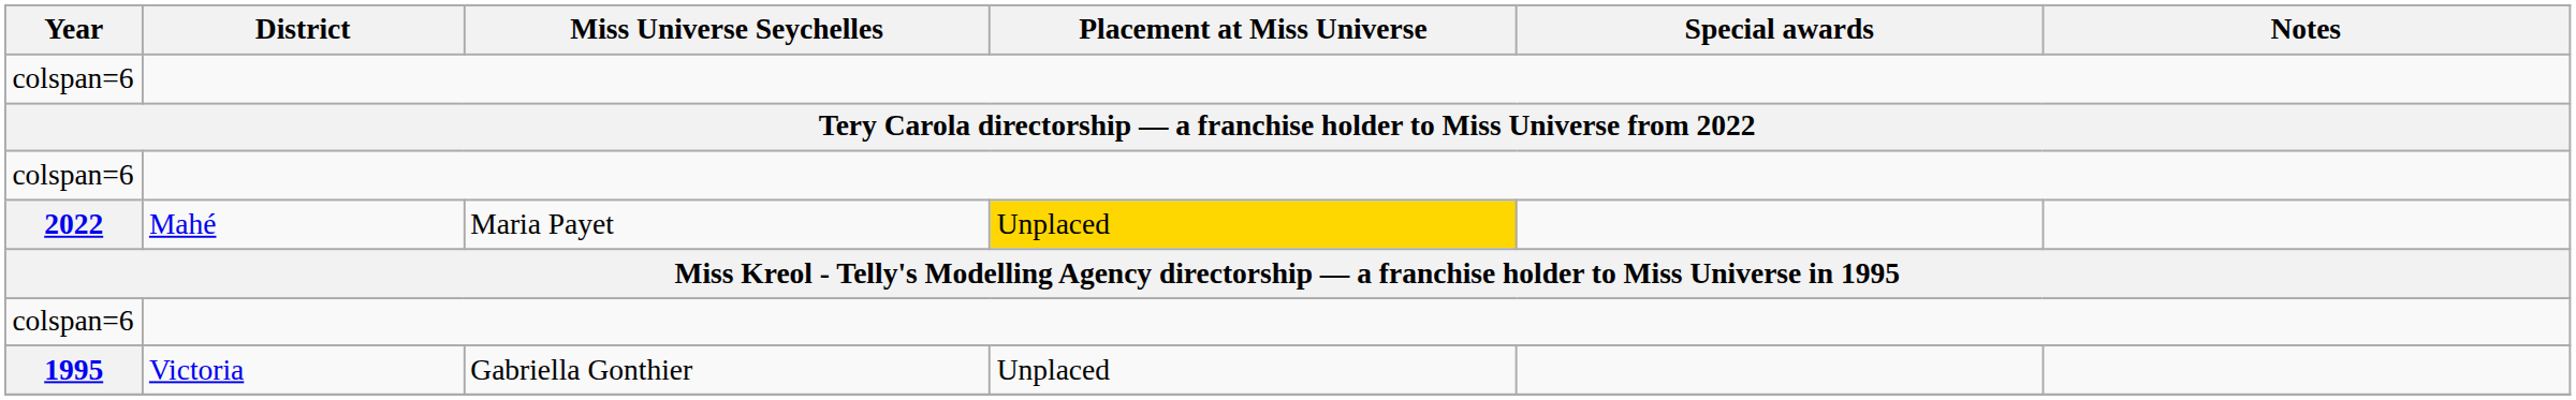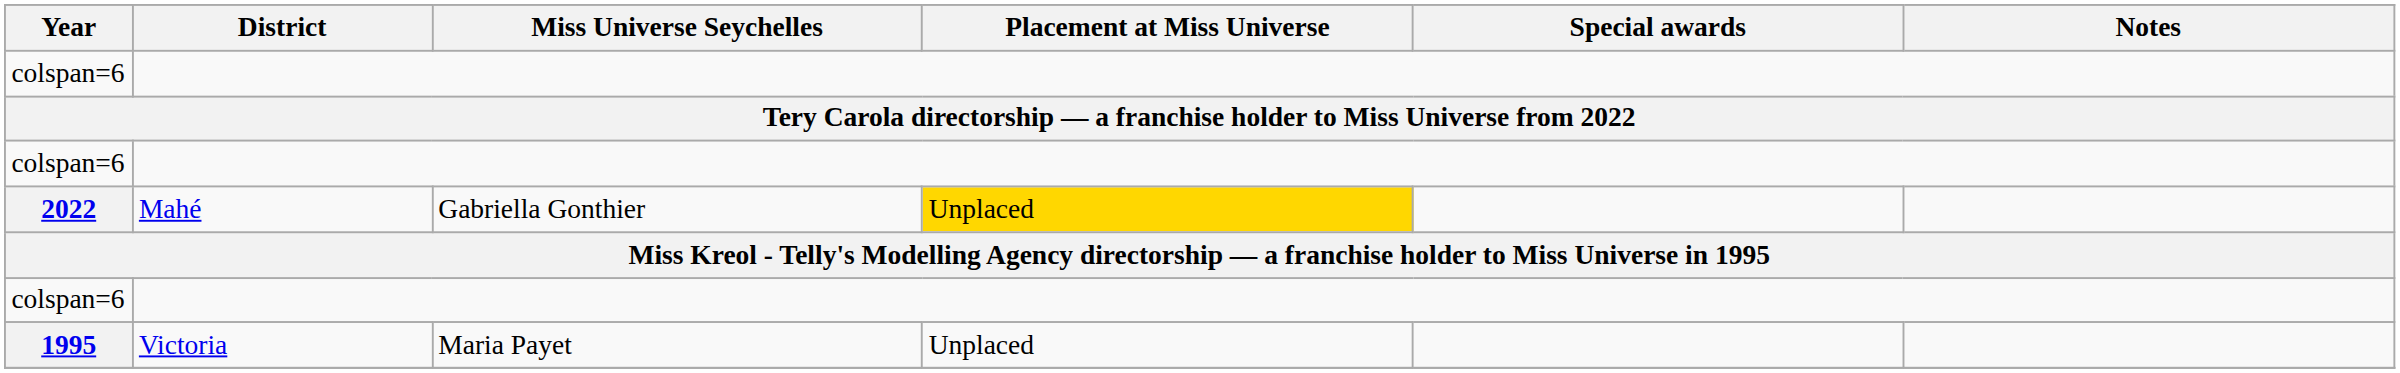 <table class="wikitable " style="font-size: 90%;">
 <tr>
 <th width="60">Year</th>
 <th width="150">District</th>
 <th width="250">Miss Universe Seychelles</th>
 <th width="250">Placement at Miss Universe</th>
 <th width="250">Special awards</th>
 <th width="250">Notes</th>
 </tr>
 <tr>
 <td>colspan=6 </td>
 </tr>
 <tr>
 <th colspan="6">Tery Carola directorship — a franchise holder to Miss Universe from 2022</th>
 </tr>
 <tr>
 <td>colspan=6 </td>
 </tr>
 <tr>
 <th><a href='#'>2022</a></th>
 <td><a href='#'>Mahé</a></td>
-<td>Maria Payet</td>
+<td>Gabriella Gonthier</td>
 <td style="background: gold;">Unplaced</td>
 <td></td>
 <td></td>
 </tr>
 <tr>
 <th colspan="6">Miss Kreol - Telly's Modelling Agency directorship — a franchise holder to Miss Universe in 1995</th>
 </tr>
 <tr>
 <td>colspan=6 </td>
 </tr>
 <tr>
 <th><a href='#'>1995</a></th>
 <td><a href='#'>Victoria</a></td>
-<td>Gabriella Gonthier</td>
+<td>Maria Payet</td>
 <td>Unplaced</td>
 <td></td>
 <td></td>
 </tr>
 <tr>
 </tr>
 </table>
